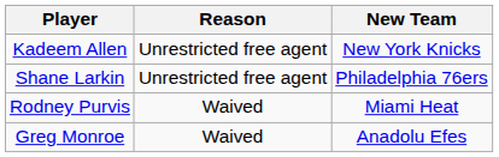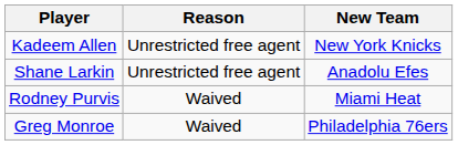 <table class="wikitable sortable sortable">
 <tr>
 <th>Player</th>
 <th>Reason</th>
 <th>New Team</th>
 </tr>
 <tr style="text-align: center">
 <td><a href='#'>Kadeem Allen</a></td>
 <td>Unrestricted free agent</td>
 <td><a href='#'>New York Knicks</a></td>
 </tr>
 <tr style="text-align: center">
 <td><a href='#'>Shane Larkin</a></td>
 <td>Unrestricted free agent</td>
-<td><a href='#'>Philadelphia 76ers</a></td>
+<td> <a href='#'>Anadolu Efes</a></td>
 </tr>
 <tr style="text-align: center">
 <td><a href='#'>Rodney Purvis</a></td>
 <td>Waived</td>
 <td><a href='#'>Miami Heat</a></td>
 </tr>
 <tr style="text-align: center">
 <td><a href='#'>Greg Monroe</a></td>
 <td>Waived</td>
-<td> <a href='#'>Anadolu Efes</a></td>
+<td><a href='#'>Philadelphia 76ers</a></td>
 </tr>
 </table>
